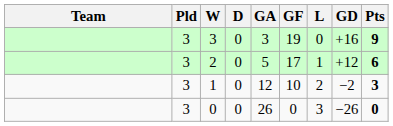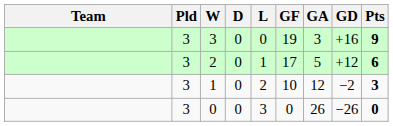 <table class=wikitable style="text-align:center">
 <tr>
 <th width=175>Team</th>
 <th width=20>Pld</th>
 <th width=20>W</th>
 <th width=20>D</th>
+<th width=20>L</th>
+<th width=20>GF</th>
 <th width=20>GA</th>
-<th width=20>GF</th>
-<th width=20>L</th>
 <th width=20>GD</th>
 <th width=20>Pts</th>
 </tr>
 <tr bgcolor=ccffcc>
 <td align=left></td>
 <td>3</td>
 <td>3</td>
 <td>0</td>
+<td>0</td>
+<td>19</td>
 <td>3</td>
-<td>19</td>
-<td>0</td>
 <td>+16</td>
 <td><strong>9</strong></td>
 </tr>
 <tr bgcolor=ccffcc>
 <td align=left></td>
 <td>3</td>
 <td>2</td>
 <td>0</td>
+<td>1</td>
+<td>17</td>
 <td>5</td>
-<td>17</td>
-<td>1</td>
 <td>+12</td>
 <td><strong>6</strong></td>
 </tr>
 <tr>
 <td align=left></td>
 <td>3</td>
 <td>1</td>
 <td>0</td>
+<td>2</td>
+<td>10</td>
 <td>12</td>
-<td>10</td>
-<td>2</td>
 <td>−2</td>
 <td><strong>3</strong></td>
 </tr>
 <tr>
 <td align=left></td>
 <td>3</td>
 <td>0</td>
 <td>0</td>
+<td>3</td>
+<td>0</td>
 <td>26</td>
-<td>0</td>
-<td>3</td>
 <td>−26</td>
 <td><strong>0</strong></td>
 </tr>
 </table>
